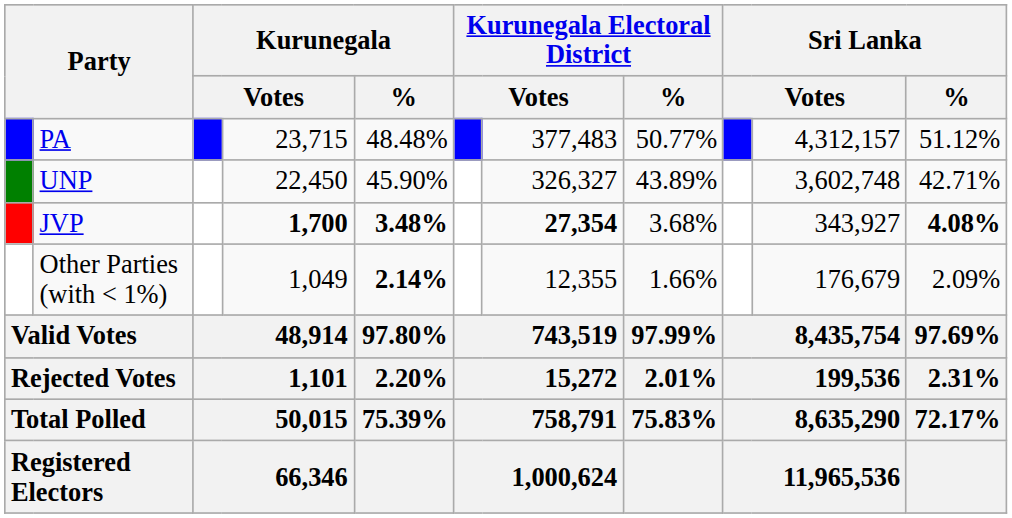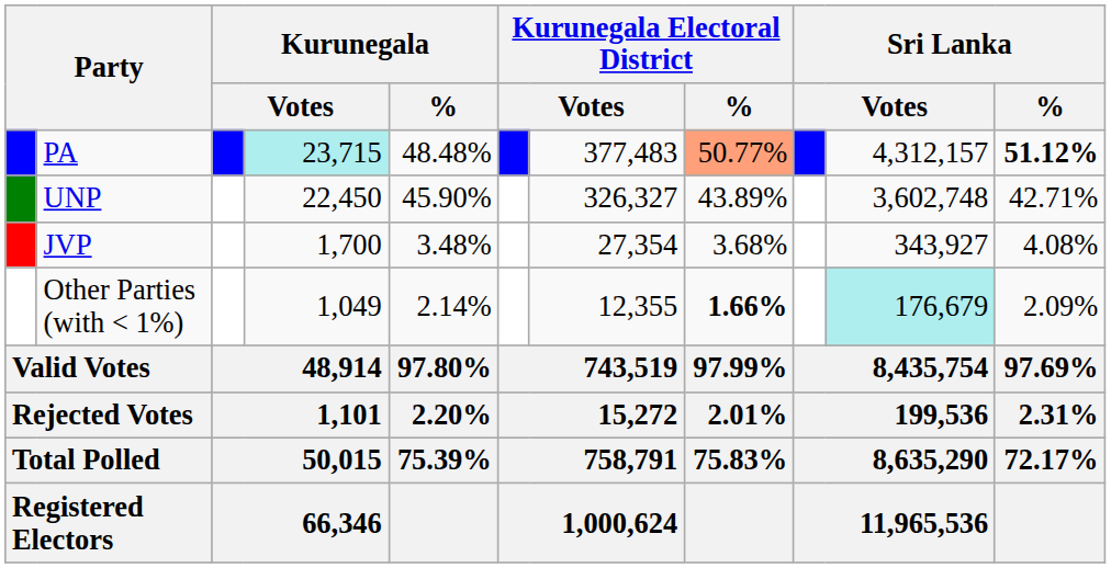 <table class="wikitable">
 <tr>
 <th colspan="2" width="144px"rowspan="2">Party</th>
 <th colspan="3" width="216px">Kurunegala</th>
 <th colspan="3" width="216px"><a href='#'>Kurunegala Electoral District</a></th>
 <th colspan="3" width="216px">Sri Lanka</th>
 </tr>
 <tr>
 <th colspan="2" width="144px">Votes</th>
 <th>%</th>
 <th colspan="2" width="144px">Votes</th>
 <th>%</th>
 <th colspan="2" width="144px">Votes</th>
 <th>%</th>
 </tr>
 <tr>
 <td style="background-color:blue;" width="10px"></td>
 <td style="text-align:left;"><a href='#'>PA</a></td>
 <td style="background-color:blue;" width="10px"></td>
-<td style="text-align:right;">23,715</td>
+<td style="background: paleturquoise; text-align:right;">23,715</td>
 <td style="text-align:right;">48.48%</td>
 <td style="background-color:blue;" width="10px"></td>
 <td style="text-align:right;">377,483</td>
-<td style="text-align:right;">50.77%</td>
+<td style="background: lightsalmon; text-align:right;">50.77%</td>
 <td style="background-color:blue;" width="10px"></td>
 <td style="text-align:right;">4,312,157</td>
-<td style="text-align:right;">51.12%</td>
+<td style="text-align:right;"><strong>51.12%</strong></td>
 </tr>
 <tr>
 <td style="background-color:green;" width="10px"></td>
 <td style="text-align:left;"><a href='#'>UNP</a></td>
 <td style="background-color:white;" width="10px"></td>
 <td style="text-align:right;">22,450</td>
 <td style="text-align:right;">45.90%</td>
 <td style="background-color:white;" width="10px"></td>
 <td style="text-align:right;">326,327</td>
 <td style="text-align:right;">43.89%</td>
 <td style="background-color:white;" width="10px"></td>
 <td style="text-align:right;">3,602,748</td>
 <td style="text-align:right;">42.71%</td>
 </tr>
 <tr>
 <td style="background-color:red;" width="10px"></td>
 <td style="text-align:left;"><a href='#'>JVP</a></td>
 <td style="background-color:white;" width="10px"></td>
-<td style="text-align:right;"><strong>1,700</strong></td>
-<td style="text-align:right;"><strong>3.48%</strong></td>
+<td style="text-align:right;">1,700</td>
+<td style="text-align:right;">3.48%</td>
 <td style="background-color:white;" width="10px"></td>
-<td style="text-align:right;"><strong>27,354</strong></td>
+<td style="text-align:right;">27,354</td>
 <td style="text-align:right;">3.68%</td>
 <td style="background-color:white;" width="10px"></td>
 <td style="text-align:right;">343,927</td>
-<td style="text-align:right;"><strong>4.08%</strong></td>
+<td style="text-align:right;">4.08%</td>
 </tr>
 <tr>
 <td style="background-color:white;" width="10px"></td>
 <td style="text-align:left;">Other Parties (with < 1%)</td>
 <td style="background-color:white;" width="10px"></td>
 <td style="text-align:right;">1,049</td>
-<td style="text-align:right;"><strong>2.14%</strong></td>
+<td style="text-align:right;">2.14%</td>
 <td style="background-color:white;" width="10px"></td>
 <td style="text-align:right;">12,355</td>
-<td style="text-align:right;">1.66%</td>
+<td style="text-align:right;"><strong>1.66%</strong></td>
 <td style="background-color:white;" width="10px"></td>
-<td style="text-align:right;">176,679</td>
+<td style="background: paleturquoise; text-align:right;">176,679</td>
 <td style="text-align:right;">2.09%</td>
 </tr>
 <tr>
 <th colspan="2" width="144px"style="text-align:left;">Valid Votes</th>
 <th style="text-align:right;"colspan="2" width="144px">48,914</th>
 <th style="text-align:right;">97.80%</th>
 <th style="text-align:right;"colspan="2" width="144px">743,519</th>
 <th style="text-align:right;">97.99%</th>
 <th style="text-align:right;"colspan="2" width="144px">8,435,754</th>
 <th style="text-align:right;">97.69%</th>
 </tr>
 <tr>
 <th colspan="2" width="144px"style="text-align:left;">Rejected Votes</th>
 <th style="text-align:right;"colspan="2" width="144px">1,101</th>
 <th style="text-align:right;">2.20%</th>
 <th style="text-align:right;"colspan="2" width="144px">15,272</th>
 <th style="text-align:right;">2.01%</th>
 <th style="text-align:right;"colspan="2" width="144px">199,536</th>
 <th style="text-align:right;">2.31%</th>
 </tr>
 <tr>
 <th colspan="2" width="144px"style="text-align:left;">Total Polled</th>
 <th style="text-align:right;"colspan="2" width="144px">50,015</th>
 <th style="text-align:right;">75.39%</th>
 <th style="text-align:right;"colspan="2" width="144px">758,791</th>
 <th style="text-align:right;">75.83%</th>
 <th style="text-align:right;"colspan="2" width="144px">8,635,290</th>
 <th style="text-align:right;">72.17%</th>
 </tr>
 <tr>
 <th colspan="2" width="144px"style="text-align:left;">Registered Electors</th>
 <th style="text-align:right;"colspan="2" width="144px">66,346</th>
 <th></th>
 <th style="text-align:right;"colspan="2" width="144px">1,000,624</th>
 <th></th>
 <th style="text-align:right;"colspan="2" width="144px">11,965,536</th>
 <th></th>
 </tr>
 </table>
